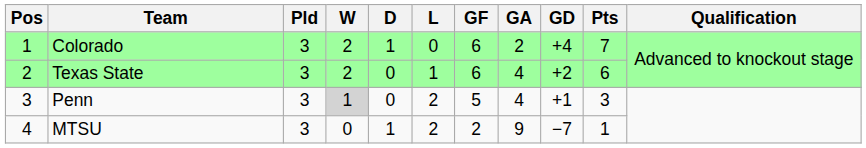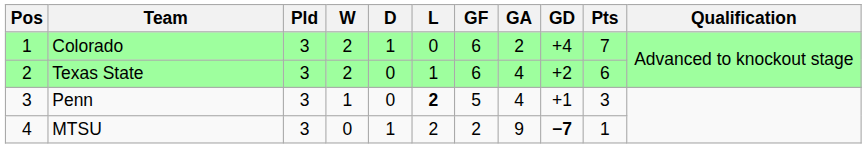 <table class="wikitable" style="text-align:center; margin: 1em auto">
 <tr>
 <th style="width:2em">Pos</th>
 <th style="width:13em">Team</th>
 <th style="width:2em">Pld</th>
 <th style="width:2em">W</th>
 <th style="width:2em">D</th>
 <th style="width:2em">L</th>
 <th style="width:2em">GF</th>
 <th style="width:2em">GA</th>
 <th style="width:2em">GD</th>
 <th style="width:2em">Pts</th>
 <th style="width:13em">Qualification</th>
 </tr>
 <tr bgcolor="#9eff9e">
 <td>1</td>
 <td style="text-align:left">Colorado</td>
 <td>3</td>
 <td>2</td>
 <td>1</td>
 <td>0</td>
 <td>6</td>
 <td>2</td>
 <td>+4</td>
 <td>7</td>
 <td rowspan="2">Advanced to knockout stage</td>
 </tr>
 <tr bgcolor="#9eff9e">
 <td>2</td>
 <td style="text-align:left">Texas State</td>
 <td>3</td>
 <td>2</td>
 <td>0</td>
 <td>1</td>
 <td>6</td>
 <td>4</td>
 <td>+2</td>
 <td>6</td>
 </tr>
 <tr>
 <td>3</td>
 <td style="text-align:left">Penn</td>
 <td>3</td>
-<td style="background: lightgrey;">1</td>
+<td>1</td>
 <td>0</td>
-<td>2</td>
+<td><strong>2</strong></td>
 <td>5</td>
 <td>4</td>
 <td>+1</td>
 <td>3</td>
 </tr>
 <tr>
 <td>4</td>
 <td style="text-align:left">MTSU</td>
 <td>3</td>
 <td>0</td>
 <td>1</td>
 <td>2</td>
 <td>2</td>
 <td>9</td>
-<td>−7</td>
+<td><strong>−7</strong></td>
 <td>1</td>
 </tr>
 </table>
